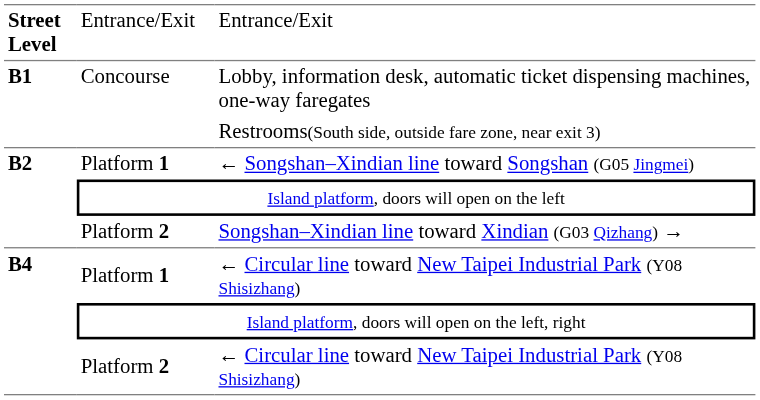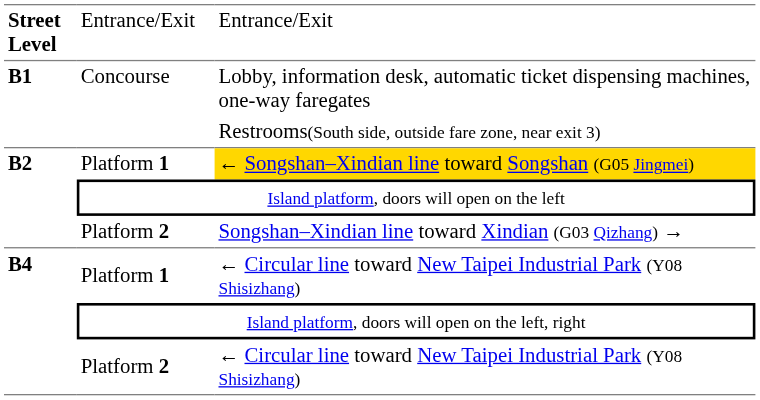 <table table border=0 cellspacing=0 cellpadding=3>
 <tr>
 <td style="width:50px; border-bottom:solid 1px gray; border-top:solid 1px gray; vertical-align:top;"><strong>Street Level</strong></td>
 <td style="width:100px; border-top:solid 1px gray; border-bottom:solid 1px gray; vertical-align:top;">Entrance/Exit</td>
 <td style="width:410px; border-top:solid 1px gray; border-bottom:solid 1px gray; vertical-align:top;">Entrance/Exit</td>
 </tr>
 <tr>
 <td rowspan="2" style="border-bottom:solid 1px gray; vertical-align:top;"><strong>B1</strong></td>
 <td rowspan="2" style="border-bottom:solid 1px gray; vertical-align:top;">Concourse</td>
 <td width=390>Lobby, information desk, automatic ticket dispensing machines, one-way faregates</td>
 </tr>
 <tr>
 <td style="border-bottom:solid 1px gray;">Restrooms<small>(South side, outside fare zone, near exit 3)</small></td>
 </tr>
 <tr>
 <td rowspan="3" style="border-bottom:solid 1px gray; vertical-align:top;"><strong>B2</strong></td>
 <td>Platform <span><strong>1</strong></span></td>
-<td>←  <a href='#'>Songshan–Xindian line</a> toward <a href='#'>Songshan</a> <small>(G05 <a href='#'>Jingmei</a>)</small></td>
+<td style="background: gold;">←  <a href='#'>Songshan–Xindian line</a> toward <a href='#'>Songshan</a> <small>(G05 <a href='#'>Jingmei</a>)</small></td>
 </tr>
 <tr>
 <td style="border-top:solid 2px black;border-right:solid 2px black;border-left:solid 2px black;border-bottom:solid 2px black;text-align:center;" colspan=2><small><a href='#'>Island platform</a>, doors will open on the left</small></td>
 </tr>
 <tr>
 <td style="border-bottom:solid 1px gray;">Platform <span><strong>2</strong></span></td>
 <td style="border-bottom:solid 1px gray;">  <a href='#'>Songshan–Xindian line</a> toward <a href='#'>Xindian</a> <small>(G03 <a href='#'>Qizhang</a>)</small> →</td>
 </tr>
 <tr>
 <td rowspan="3" style="width:50px; border-bottom:solid 1px gray; vertical-align:top;"><strong>B4</strong></td>
 <td>Platform <span><strong>1</strong></span></td>
 <td>←  <a href='#'>Circular line</a> toward <a href='#'>New Taipei Industrial Park</a> <small>(Y08 <a href='#'>Shisizhang</a>)</small></td>
 </tr>
 <tr>
 <td style="border-top:solid 2px black;border-right:solid 2px black;border-left:solid 2px black;border-bottom:solid 2px black;text-align:center;" colspan=2><small><a href='#'>Island platform</a>, doors will open on the left, right</small></td>
 </tr>
 <tr>
 <td style="border-bottom:solid 1px gray;">Platform <span><strong>2</strong></span></td>
 <td style="border-bottom:solid 1px gray;">←  <a href='#'>Circular line</a> toward <a href='#'>New Taipei Industrial Park</a> <small>(Y08 <a href='#'>Shisizhang</a>)</small></td>
 </tr>
 </table>
